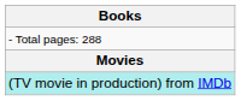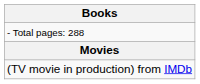 <table class="wikitable">
 <tr>
 <th>Books</th>
 </tr>
 <tr>
 <td> <small>- Total pages: 288 </small></td>
 </tr>
 <tr>
 <th>Movies</th>
 </tr>
 <tr>
-<td style="background: paleturquoise;"> (TV movie in production) from <a href='#'>IMDb</a></td>
+<td> (TV movie in production) from <a href='#'>IMDb</a></td>
 </tr>
 </table>
